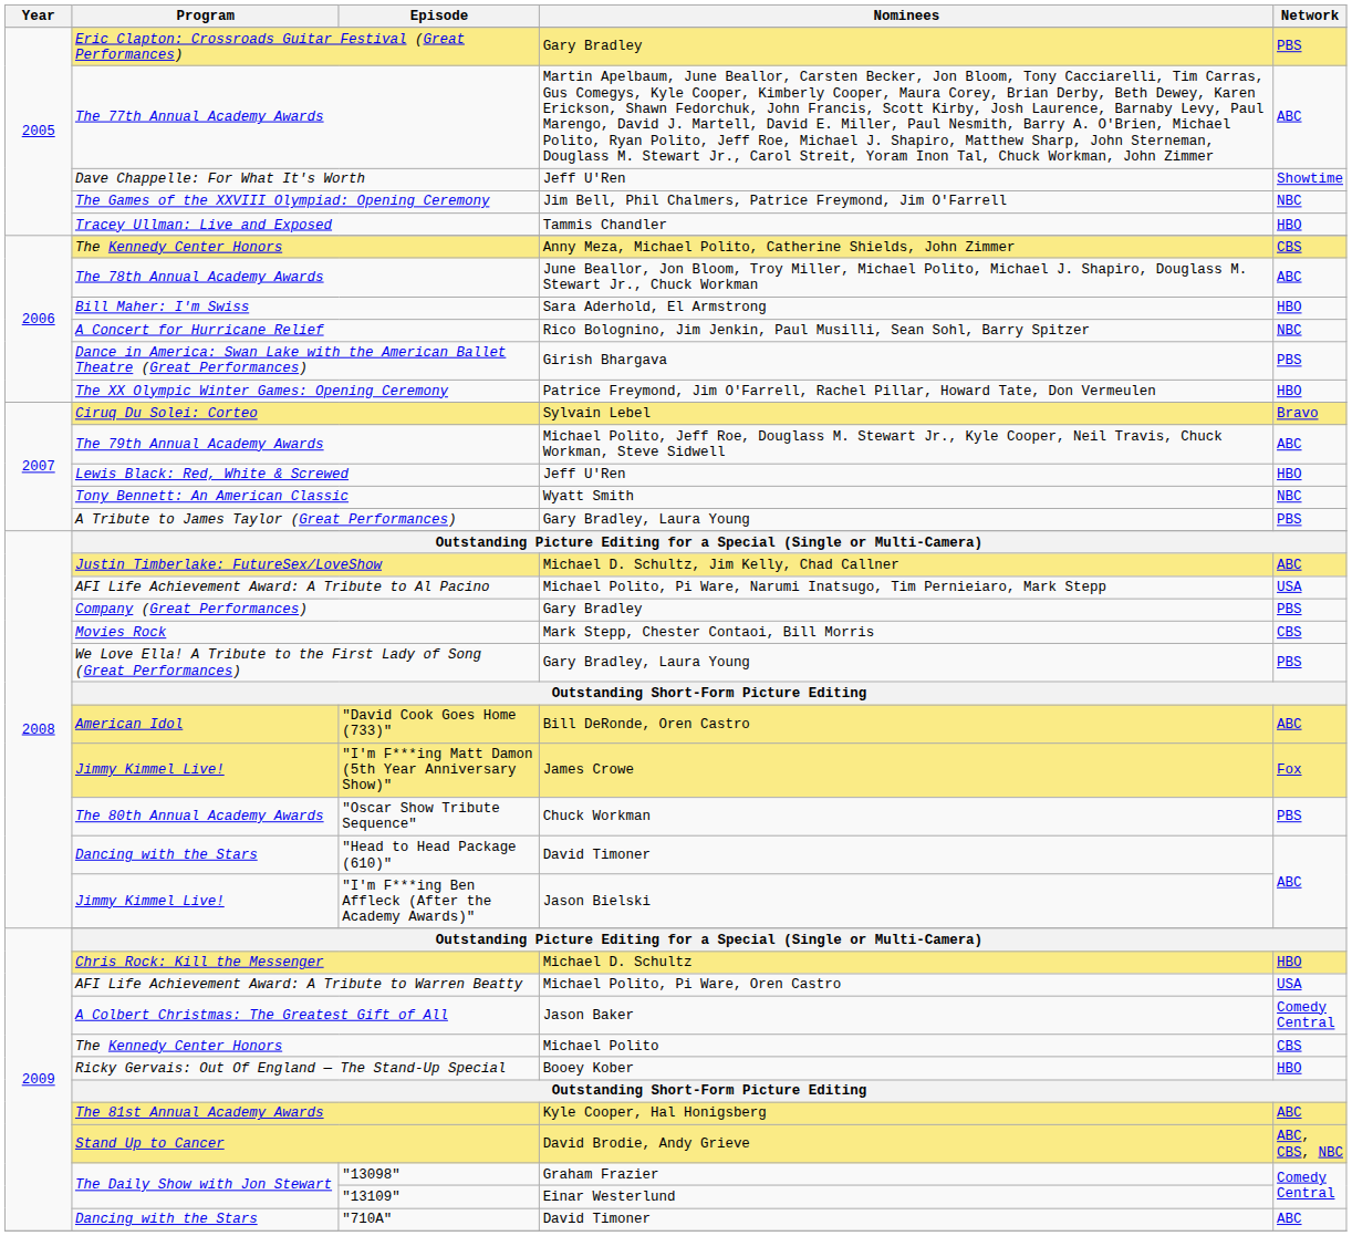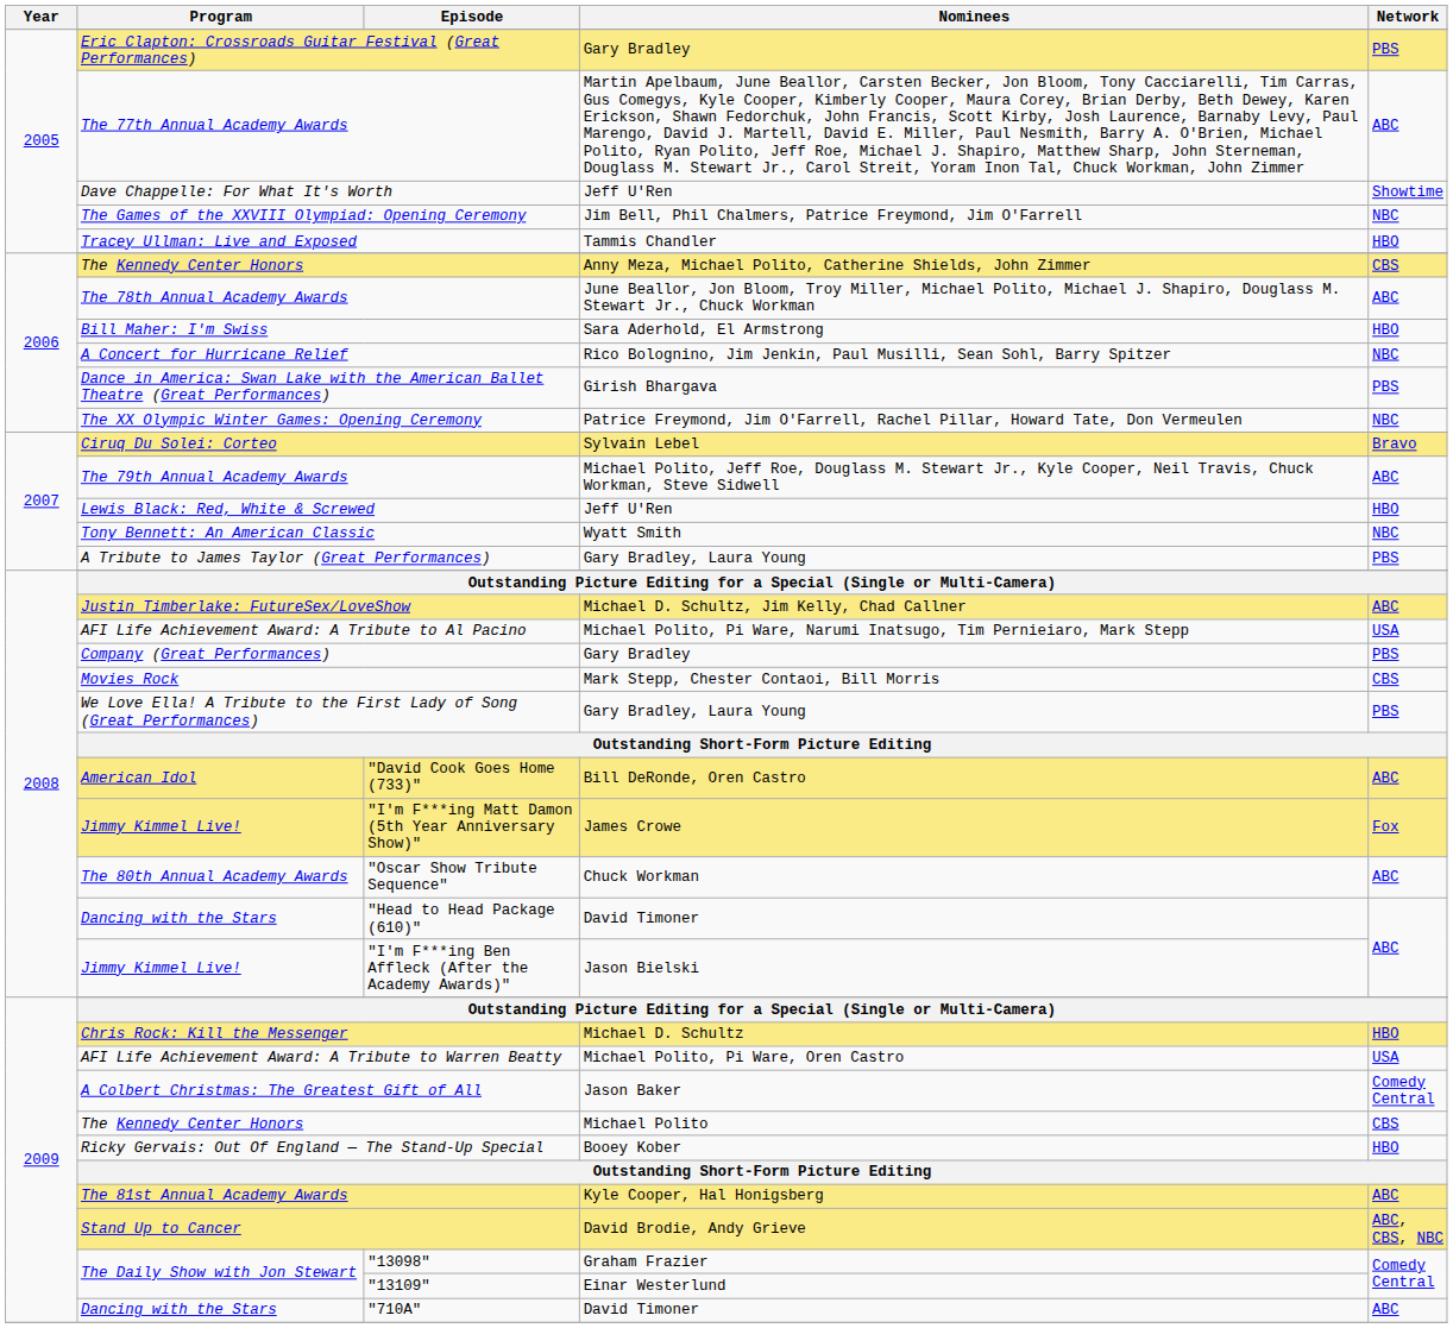 <table class="wikitable" style="width:100%">
 <tr style="background:#bebebe;">
 <th style="width:5%;">Year</th>
 <th style="width:20%;">Program</th>
 <th style="width:15%;">Episode</th>
 <th style="width:55%;">Nominees</th>
 <th style="width:5%;">Network</th>
 </tr>
 <tr>
 <td rowspan=6 style="text-align:center;"><a href='#'>2005</a><br></td>
 </tr>
 <tr style="background:#FAEB86;">
 <td colspan=2><em><a href='#'>Eric Clapton: Crossroads Guitar Festival</a> (<a href='#'>Great Performances</a>)</em></td>
 <td>Gary Bradley</td>
 <td><a href='#'>PBS</a></td>
 </tr>
 <tr>
 <td colspan=2><em><a href='#'>The 77th Annual Academy Awards</a></em></td>
 <td>Martin Apelbaum, June Beallor, Carsten Becker, Jon Bloom, Tony Cacciarelli, Tim Carras, Gus Comegys, Kyle Cooper, Kimberly Cooper, Maura Corey, Brian Derby, Beth Dewey, Karen Erickson, Shawn Fedorchuk, John Francis, Scott Kirby, Josh Laurence, Barnaby Levy, Paul Marengo, David J. Martell, David E. Miller, Paul Nesmith, Barry A. O'Brien, Michael Polito, Ryan Polito, Jeff Roe, Michael J. Shapiro, Matthew Sharp, John Sterneman, Douglass M. Stewart Jr., Carol Streit, Yoram Inon Tal, Chuck Workman, John Zimmer</td>
 <td><a href='#'>ABC</a></td>
 </tr>
 <tr>
 <td colspan=2><em>Dave Chappelle: For What It's Worth</em></td>
 <td>Jeff U'Ren</td>
 <td><a href='#'>Showtime</a></td>
 </tr>
 <tr>
 <td colspan=2><em><a href='#'>The Games of the XXVIII Olympiad: Opening Ceremony</a></em></td>
 <td>Jim Bell, Phil Chalmers, Patrice Freymond, Jim O'Farrell</td>
 <td><a href='#'>NBC</a></td>
 </tr>
 <tr>
 <td colspan=2><em><a href='#'>Tracey Ullman: Live and Exposed</a></em></td>
 <td>Tammis Chandler</td>
 <td><a href='#'>HBO</a></td>
 </tr>
 <tr>
 <td rowspan=7 style="text-align:center;"><a href='#'>2006</a><br></td>
 </tr>
 <tr style="background:#FAEB86;">
 <td colspan=2><em>The <a href='#'>Kennedy Center Honors</a></em></td>
 <td>Anny Meza, Michael Polito, Catherine Shields, John Zimmer</td>
 <td><a href='#'>CBS</a></td>
 </tr>
 <tr>
 <td colspan=2><em><a href='#'>The 78th Annual Academy Awards</a></em></td>
 <td>June Beallor, Jon Bloom, Troy Miller, Michael Polito, Michael J. Shapiro, Douglass M. Stewart Jr., Chuck Workman</td>
 <td><a href='#'>ABC</a></td>
 </tr>
 <tr>
 <td colspan=2><em><a href='#'>Bill Maher: I'm Swiss</a></em></td>
 <td>Sara Aderhold, El Armstrong</td>
 <td><a href='#'>HBO</a></td>
 </tr>
 <tr>
 <td colspan=2><em><a href='#'>A Concert for Hurricane Relief</a></em></td>
 <td>Rico Bolognino, Jim Jenkin, Paul Musilli, Sean Sohl, Barry Spitzer</td>
 <td><a href='#'>NBC</a></td>
 </tr>
 <tr>
 <td colspan=2><em><a href='#'>Dance in America: Swan Lake with the American Ballet Theatre</a> (<a href='#'>Great Performances</a>)</em></td>
 <td>Girish Bhargava</td>
 <td><a href='#'>PBS</a></td>
 </tr>
 <tr>
 <td colspan=2><em><a href='#'>The XX Olympic Winter Games: Opening Ceremony</a></em></td>
 <td>Patrice Freymond, Jim O'Farrell, Rachel Pillar, Howard Tate, Don Vermeulen</td>
-<td><a href='#'>HBO</a></td>
+<td><a href='#'>NBC</a></td>
 </tr>
 <tr>
 <td rowspan=6 style="text-align:center;"><a href='#'>2007</a><br></td>
 </tr>
 <tr style="background:#FAEB86;">
 <td colspan=2><em><a href='#'>Ciruq Du Solei: Corteo</a></em></td>
 <td>Sylvain Lebel</td>
 <td><a href='#'>Bravo</a></td>
 </tr>
 <tr>
 <td colspan=2><em><a href='#'>The 79th Annual Academy Awards</a></em></td>
 <td>Michael Polito, Jeff Roe, Douglass M. Stewart Jr., Kyle Cooper, Neil Travis, Chuck Workman, Steve Sidwell</td>
 <td><a href='#'>ABC</a></td>
 </tr>
 <tr>
 <td colspan=2><em><a href='#'>Lewis Black: Red, White & Screwed</a></em></td>
 <td>Jeff U'Ren</td>
 <td><a href='#'>HBO</a></td>
 </tr>
 <tr>
 <td colspan=2><em><a href='#'>Tony Bennett: An American Classic</a></em></td>
 <td>Wyatt Smith</td>
 <td><a href='#'>NBC</a></td>
 </tr>
 <tr>
 <td colspan=2><em>A Tribute to James Taylor (<a href='#'>Great Performances</a>)</em></td>
 <td>Gary Bradley, Laura Young</td>
 <td><a href='#'>PBS</a></td>
 </tr>
 <tr>
 <td rowspan=13 style="text-align:center"><a href='#'>2008</a></td>
 </tr>
 <tr>
 <th colspan="4">Outstanding Picture Editing for a Special (Single or Multi-Camera)</th>
 </tr>
 <tr style="background:#FAEB86;">
 <td colspan=2><em><a href='#'>Justin Timberlake: FutureSex/LoveShow</a></em></td>
 <td>Michael D. Schultz, Jim Kelly, Chad Callner</td>
 <td><a href='#'>ABC</a></td>
 </tr>
 <tr>
 <td colspan=2><em>AFI Life Achievement Award: A Tribute to Al Pacino</em></td>
 <td>Michael Polito, Pi Ware, Narumi Inatsugo, Tim Pernieiaro, Mark Stepp</td>
 <td><a href='#'>USA</a></td>
 </tr>
 <tr>
 <td colspan=2><em><a href='#'>Company</a> (<a href='#'>Great Performances</a>)</em></td>
 <td>Gary Bradley</td>
 <td><a href='#'>PBS</a></td>
 </tr>
 <tr>
 <td colspan=2><em><a href='#'>Movies Rock</a></em></td>
 <td>Mark Stepp, Chester Contaoi, Bill Morris</td>
 <td><a href='#'>CBS</a></td>
 </tr>
 <tr>
 <td colspan=2><em>We Love Ella! A Tribute to the First Lady of Song (<a href='#'>Great Performances</a>)</em></td>
 <td>Gary Bradley, Laura Young</td>
 <td><a href='#'>PBS</a></td>
 </tr>
 <tr>
 <th colspan="4">Outstanding Short-Form Picture Editing</th>
 </tr>
 <tr style="background:#FAEB86;">
 <td><em><a href='#'>American Idol</a></em></td>
 <td>"David Cook Goes Home (733)"</td>
 <td>Bill DeRonde, Oren Castro</td>
 <td><a href='#'>ABC</a></td>
 </tr>
 <tr style="background:#FAEB86;">
 <td><em><a href='#'>Jimmy Kimmel Live!</a></em></td>
 <td>"I'm F***ing Matt Damon (5th Year Anniversary Show)"</td>
 <td>James Crowe</td>
 <td><a href='#'>Fox</a></td>
 </tr>
 <tr>
 <td><em><a href='#'>The 80th Annual Academy Awards</a></em></td>
 <td>"Oscar Show Tribute Sequence"</td>
 <td>Chuck Workman</td>
-<td><a href='#'>PBS</a></td>
+<td><a href='#'>ABC</a></td>
 </tr>
 <tr>
 <td><em><a href='#'>Dancing with the Stars</a></em></td>
 <td>"Head to Head Package (610)"</td>
 <td>David Timoner</td>
 <td rowspan=2><a href='#'>ABC</a></td>
 </tr>
 <tr>
 <td><em><a href='#'>Jimmy Kimmel Live!</a></em></td>
 <td>"I'm F***ing Ben Affleck (After the Academy Awards)"</td>
 <td>Jason Bielski</td>
 </tr>
 <tr>
 <td rowspan=13 style="text-align:center"><a href='#'>2009</a></td>
 </tr>
 <tr>
 <th colspan="4">Outstanding Picture Editing for a Special (Single or Multi-Camera)</th>
 </tr>
 <tr style="background:#FAEB86;">
 <td colspan=2><em><a href='#'>Chris Rock: Kill the Messenger</a></em></td>
 <td>Michael D. Schultz</td>
 <td><a href='#'>HBO</a></td>
 </tr>
 <tr>
 <td colspan=2><em>AFI Life Achievement Award: A Tribute to Warren Beatty</em></td>
 <td>Michael Polito, Pi Ware, Oren Castro</td>
 <td><a href='#'>USA</a></td>
 </tr>
 <tr>
 <td colspan=2><em><a href='#'>A Colbert Christmas: The Greatest Gift of All</a></em></td>
 <td>Jason Baker</td>
 <td><a href='#'>Comedy Central</a></td>
 </tr>
 <tr>
 <td colspan=2><em>The <a href='#'>Kennedy Center Honors</a></em></td>
 <td>Michael Polito</td>
 <td><a href='#'>CBS</a></td>
 </tr>
 <tr>
 <td colspan=2><em>Ricky Gervais: Out Of England — The Stand-Up Special</em></td>
 <td>Booey Kober</td>
 <td><a href='#'>HBO</a></td>
 </tr>
 <tr>
 <th colspan="4">Outstanding Short-Form Picture Editing</th>
 </tr>
 <tr style="background:#FAEB86;">
 <td colspan=2><em><a href='#'>The 81st Annual Academy Awards</a></em></td>
 <td>Kyle Cooper, Hal Honigsberg</td>
 <td><a href='#'>ABC</a></td>
 </tr>
 <tr style="background:#FAEB86;">
 <td colspan=2><em><a href='#'>Stand Up to Cancer</a></em></td>
 <td>David Brodie, Andy Grieve</td>
 <td><a href='#'>ABC</a>, <a href='#'>CBS</a>, <a href='#'>NBC</a></td>
 </tr>
 <tr>
 <td rowspan=2><em><a href='#'>The Daily Show with Jon Stewart</a></em></td>
 <td>"13098"</td>
 <td>Graham Frazier</td>
 <td rowspan=2><a href='#'>Comedy Central</a></td>
 </tr>
 <tr>
 <td>"13109"</td>
 <td>Einar Westerlund</td>
 </tr>
 <tr>
 <td><em><a href='#'>Dancing with the Stars</a></em></td>
 <td>"710A"</td>
 <td>David Timoner</td>
 <td><a href='#'>ABC</a></td>
 </tr>
 <tr>
 </tr>
 </table>
